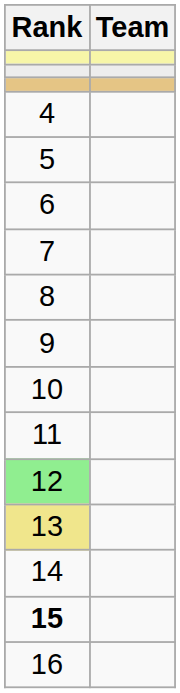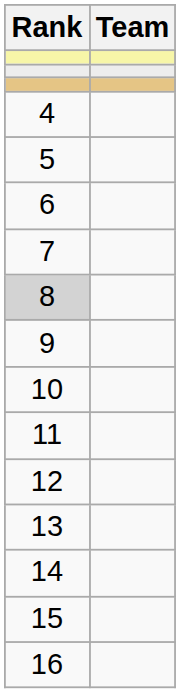 <table class="wikitable" style="text-align:center">
 <tr>
 <th>Rank</th>
 <th>Team</th>
 </tr>
 <tr bgcolor="#F7F6A8">
 <td></td>
 <td align="left"></td>
 </tr>
 <tr bgcolor="#EDEDED">
 <td></td>
 <td align="left"></td>
 </tr>
 <tr bgcolor="#E5C585">
 <td></td>
 <td align="left"></td>
 </tr>
 <tr>
 <td>4</td>
 <td align="left"></td>
 </tr>
 <tr>
 <td>5</td>
 <td align="left"></td>
 </tr>
 <tr>
 <td>6</td>
 <td align="left"></td>
 </tr>
 <tr>
 <td>7</td>
 <td align="left"></td>
 </tr>
 <tr>
-<td>8</td>
+<td style="background: lightgrey;">8</td>
 <td align="left"></td>
 </tr>
 <tr>
 <td>9</td>
 <td align="left"></td>
 </tr>
 <tr>
 <td>10</td>
 <td align="left"></td>
 </tr>
 <tr>
 <td>11</td>
 <td align="left"></td>
 </tr>
 <tr>
-<td style="background: lightgreen;">12</td>
+<td>12</td>
 <td align="left"></td>
 </tr>
 <tr>
-<td style="background: khaki;">13</td>
+<td>13</td>
 <td align="left"></td>
 </tr>
 <tr>
 <td>14</td>
 <td align="left"></td>
 </tr>
 <tr>
-<td><strong>15</strong></td>
+<td>15</td>
 <td align="left"></td>
 </tr>
 <tr>
 <td>16</td>
 <td align="left"></td>
 </tr>
 </table>
